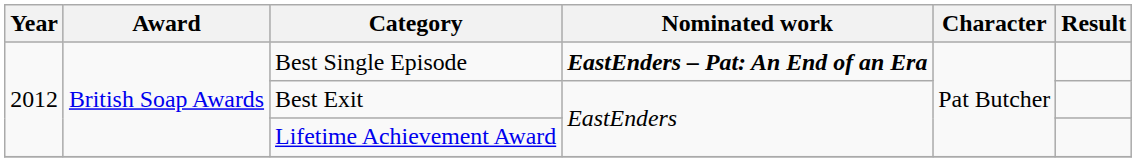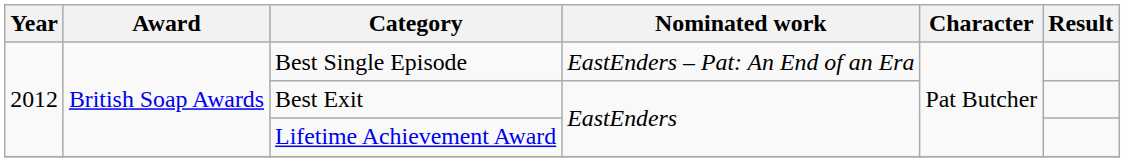 <table class="wikitable">
 <tr>
 <th>Year</th>
 <th>Award</th>
 <th>Category</th>
 <th>Nominated work</th>
 <th>Character</th>
 <th>Result</th>
 </tr>
 <tr>
 <td rowspan=3>2012</td>
 <td rowspan=3><a href='#'>British Soap Awards</a></td>
 <td>Best Single Episode</td>
-<td><strong><em>EastEnders – Pat: An End of an Era</em></strong></td>
+<td><em>EastEnders – Pat: An End of an Era</em></td>
 <td rowspan=3>Pat Butcher</td>
 <td></td>
 </tr>
 <tr>
 <td>Best Exit</td>
 <td rowspan=2><em>EastEnders</em></td>
 <td></td>
 </tr>
 <tr>
 <td><a href='#'>Lifetime Achievement Award</a></td>
 <td></td>
 </tr>
 <tr>
 </tr>
 </table>
